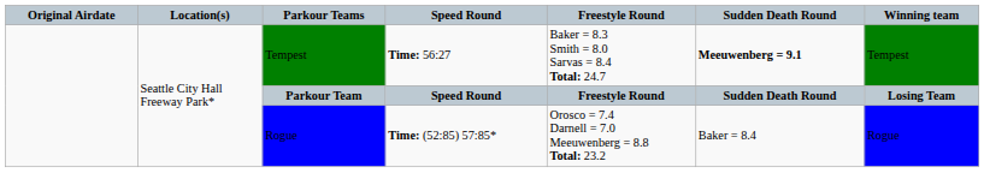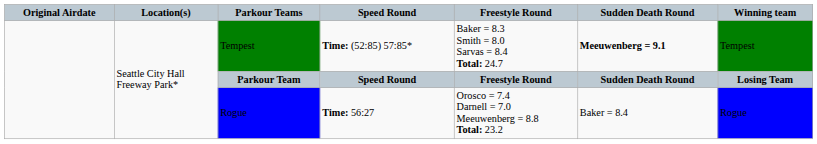 <table class="wikitable" style="margin: auto; width: 100%">
 <tr style="background:#BCC9D2; color:black">
 <th style="background-color: #BCC9D2;">Original Airdate</th>
 <th style="background-color: #BCC9D2;">Location(s)</th>
 <th style="background-color: #BCC9D2;">Parkour Teams</th>
 <th style="background-color: #BCC9D2;">Speed Round</th>
 <th style="background-color: #BCC9D2;">Freestyle Round</th>
 <th style="background-color: #BCC9D2;">Sudden Death Round</th>
 <th style="background-color: #BCC9D2;">Winning team</th>
 </tr>
 <tr>
 <td rowspan="3"></td>
 <td rowspan="3">Seattle City Hall<br>Freeway Park*</td>
 <td bgcolor="green"><span>Tempest</span></td>
-<td><strong>Time:</strong> 56:27</td>
+<td><strong>Time:</strong> (52:85) 57:85*</td>
 <td>Baker = 8.3<br>Smith = 8.0<br>Sarvas = 8.4<br><strong>Total:</strong> 24.7</td>
 <td><strong>Meeuwenberg = 9.1</strong></td>
 <td bgcolor="green"><span>Tempest</span></td>
 </tr>
 <tr>
 <th style="background-color: #BCC9D2;">Parkour Team</th>
 <th style="background-color: #BCC9D2;">Speed Round</th>
 <th style="background-color: #BCC9D2;">Freestyle Round</th>
 <th style="background-color: #BCC9D2;">Sudden Death Round</th>
 <th style="background-color: #BCC9D2;">Losing Team</th>
 </tr>
 <tr>
 <td bgcolor="blue"><span>Rogue</span></td>
-<td><strong>Time:</strong> (52:85) 57:85*</td>
+<td><strong>Time:</strong> 56:27</td>
 <td>Orosco = 7.4<br>Darnell = 7.0<br>Meeuwenberg = 8.8<br><strong>Total:</strong> 23.2</td>
 <td>Baker = 8.4</td>
 <td bgcolor="blue"><span>Rogue</span></td>
 </tr>
 </table>
